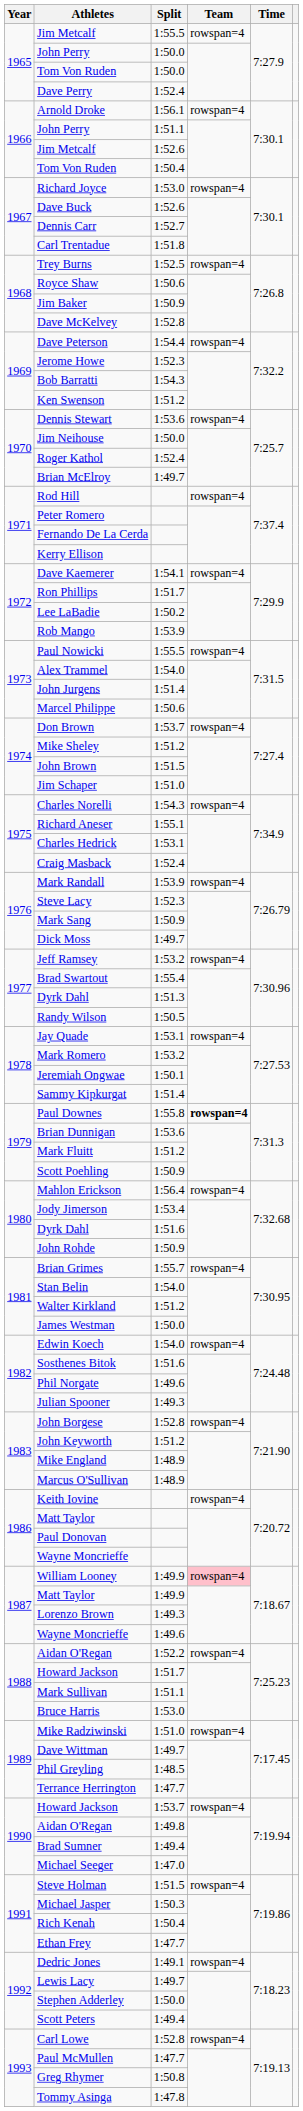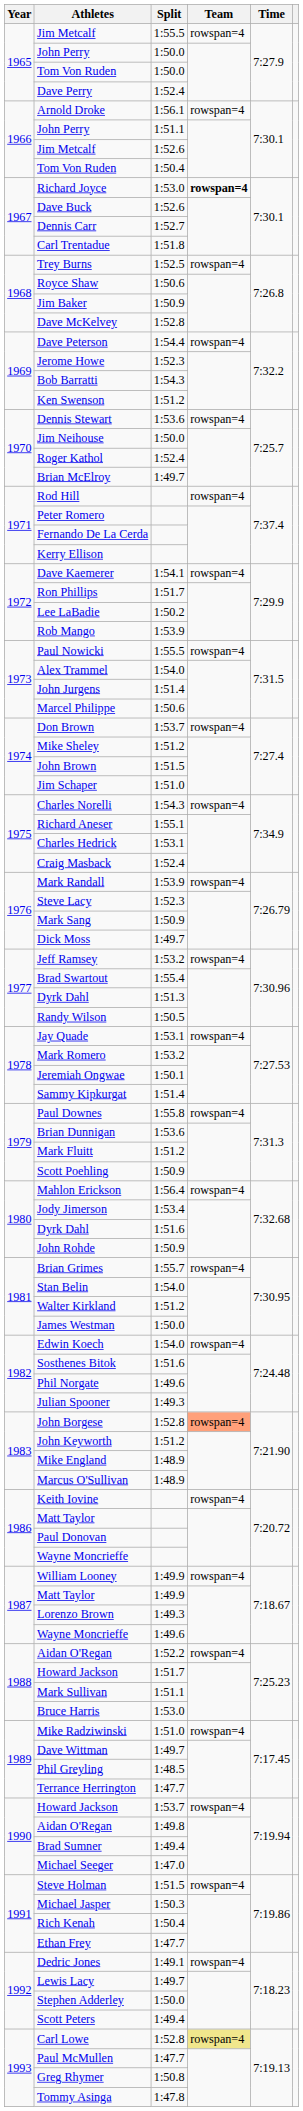 <table class="wikitable sortable">
 <tr>
 <th>Year</th>
 <th>Athletes</th>
 <th>Split</th>
 <th>Team</th>
 <th>Time</th>
 <th class=unsortable></th>
 </tr>
 <tr>
 <td rowspan=4><a href='#'>1965</a></td>
 <td><a href='#'>Jim Metcalf</a></td>
 <td>1:55.5 </td>
 <td>rowspan=4 </td>
 <td rowspan=4>7:27.9 </td>
 <td rowspan=4></td>
 </tr>
 <tr>
 <td><a href='#'>John Perry</a></td>
 <td>1:50.0 </td>
 </tr>
 <tr>
 <td><a href='#'>Tom Von Ruden</a></td>
 <td>1:50.0 </td>
 </tr>
 <tr>
 <td><a href='#'>Dave Perry</a></td>
 <td>1:52.4 </td>
 </tr>
 <tr>
 <td rowspan=4><a href='#'>1966</a></td>
 <td><a href='#'>Arnold Droke</a></td>
 <td>1:56.1 </td>
 <td>rowspan=4 </td>
 <td rowspan=4>7:30.1 </td>
 <td rowspan=4></td>
 </tr>
 <tr>
 <td><a href='#'>John Perry</a></td>
 <td>1:51.1 </td>
 </tr>
 <tr>
 <td><a href='#'>Jim Metcalf</a></td>
 <td>1:52.6 </td>
 </tr>
 <tr>
 <td><a href='#'>Tom Von Ruden</a></td>
 <td>1:50.4 </td>
 </tr>
 <tr>
 <td rowspan=4><a href='#'>1967</a></td>
 <td><a href='#'>Richard Joyce</a></td>
 <td>1:53.0 </td>
-<td>rowspan=4 </td>
+<td><strong>rowspan=4 </strong></td>
 <td rowspan=4>7:30.1 </td>
 <td rowspan=4></td>
 </tr>
 <tr>
 <td><a href='#'>Dave Buck</a></td>
 <td>1:52.6 </td>
 </tr>
 <tr>
 <td><a href='#'>Dennis Carr</a></td>
 <td>1:52.7 </td>
 </tr>
 <tr>
 <td><a href='#'>Carl Trentadue</a></td>
 <td>1:51.8 </td>
 </tr>
 <tr>
 <td rowspan=4><a href='#'>1968</a></td>
 <td><a href='#'>Trey Burns</a></td>
 <td>1:52.5 </td>
 <td>rowspan=4 </td>
 <td rowspan=4>7:26.8 </td>
 <td rowspan=4></td>
 </tr>
 <tr>
 <td><a href='#'>Royce Shaw</a></td>
 <td>1:50.6 </td>
 </tr>
 <tr>
 <td><a href='#'>Jim Baker</a></td>
 <td>1:50.9 </td>
 </tr>
 <tr>
 <td><a href='#'>Dave McKelvey</a></td>
 <td>1:52.8 </td>
 </tr>
 <tr>
 <td rowspan=4><a href='#'>1969</a></td>
 <td><a href='#'>Dave Peterson</a></td>
 <td>1:54.4 </td>
 <td>rowspan=4 </td>
 <td rowspan=4>7:32.2 </td>
 <td rowspan=4></td>
 </tr>
 <tr>
 <td><a href='#'>Jerome Howe</a></td>
 <td>1:52.3 </td>
 </tr>
 <tr>
 <td><a href='#'>Bob Barratti</a></td>
 <td>1:54.3 </td>
 </tr>
 <tr>
 <td><a href='#'>Ken Swenson</a></td>
 <td>1:51.2 </td>
 </tr>
 <tr>
 <td rowspan=4><a href='#'>1970</a></td>
 <td><a href='#'>Dennis Stewart</a></td>
 <td>1:53.6 </td>
 <td>rowspan=4 </td>
 <td rowspan=4>7:25.7 </td>
 <td rowspan=4></td>
 </tr>
 <tr>
 <td><a href='#'>Jim Neihouse</a></td>
 <td>1:50.0 </td>
 </tr>
 <tr>
 <td><a href='#'>Roger Kathol</a></td>
 <td>1:52.4 </td>
 </tr>
 <tr>
 <td><a href='#'>Brian McElroy</a></td>
 <td>1:49.7 </td>
 </tr>
 <tr>
 <td rowspan=4><a href='#'>1971</a></td>
 <td><a href='#'>Rod Hill</a></td>
 <td></td>
 <td>rowspan=4 </td>
 <td rowspan=4>7:37.4 </td>
 <td rowspan=4></td>
 </tr>
 <tr>
 <td><a href='#'>Peter Romero</a></td>
 <td></td>
 </tr>
 <tr>
 <td><a href='#'>Fernando De La Cerda</a></td>
 <td></td>
 </tr>
 <tr>
 <td><a href='#'>Kerry Ellison</a></td>
 <td></td>
 </tr>
 <tr>
 <td rowspan=4><a href='#'>1972</a></td>
 <td><a href='#'>Dave Kaemerer</a></td>
 <td>1:54.1 </td>
 <td>rowspan=4 </td>
 <td rowspan=4>7:29.9 </td>
 <td rowspan=4></td>
 </tr>
 <tr>
 <td><a href='#'>Ron Phillips</a></td>
 <td>1:51.7 </td>
 </tr>
 <tr>
 <td><a href='#'>Lee LaBadie</a></td>
 <td>1:50.2 </td>
 </tr>
 <tr>
 <td><a href='#'>Rob Mango</a></td>
 <td>1:53.9 </td>
 </tr>
 <tr>
 <td rowspan=4><a href='#'>1973</a></td>
 <td><a href='#'>Paul Nowicki</a></td>
 <td>1:55.5 </td>
 <td>rowspan=4 </td>
 <td rowspan=4>7:31.5 </td>
 <td rowspan=4></td>
 </tr>
 <tr>
 <td><a href='#'>Alex Trammel</a></td>
 <td>1:54.0 </td>
 </tr>
 <tr>
 <td><a href='#'>John Jurgens</a></td>
 <td>1:51.4 </td>
 </tr>
 <tr>
 <td><a href='#'>Marcel Philippe</a></td>
 <td>1:50.6 </td>
 </tr>
 <tr>
 <td rowspan=4><a href='#'>1974</a></td>
 <td><a href='#'>Don Brown</a></td>
 <td>1:53.7 </td>
 <td>rowspan=4 </td>
 <td rowspan=4>7:27.4 </td>
 <td rowspan=4></td>
 </tr>
 <tr>
 <td><a href='#'>Mike Sheley</a></td>
 <td>1:51.2 </td>
 </tr>
 <tr>
 <td><a href='#'>John Brown</a></td>
 <td>1:51.5 </td>
 </tr>
 <tr>
 <td><a href='#'>Jim Schaper</a></td>
 <td>1:51.0 </td>
 </tr>
 <tr>
 <td rowspan=4><a href='#'>1975</a></td>
 <td><a href='#'>Charles Norelli</a></td>
 <td>1:54.3 </td>
 <td>rowspan=4 </td>
 <td rowspan=4>7:34.9 </td>
 <td rowspan=4></td>
 </tr>
 <tr>
 <td><a href='#'>Richard Aneser</a></td>
 <td>1:55.1 </td>
 </tr>
 <tr>
 <td><a href='#'>Charles Hedrick</a></td>
 <td>1:53.1 </td>
 </tr>
 <tr>
 <td><a href='#'>Craig Masback</a></td>
 <td>1:52.4 </td>
 </tr>
 <tr>
 <td rowspan=4><a href='#'>1976</a></td>
 <td><a href='#'>Mark Randall</a></td>
 <td>1:53.9 </td>
 <td>rowspan=4 </td>
 <td rowspan=4>7:26.79 </td>
 <td rowspan=4></td>
 </tr>
 <tr>
 <td><a href='#'>Steve Lacy</a></td>
 <td>1:52.3 </td>
 </tr>
 <tr>
 <td><a href='#'>Mark Sang</a></td>
 <td>1:50.9 </td>
 </tr>
 <tr>
 <td><a href='#'>Dick Moss</a></td>
 <td>1:49.7 </td>
 </tr>
 <tr>
 <td rowspan=4><a href='#'>1977</a></td>
 <td><a href='#'>Jeff Ramsey</a></td>
 <td>1:53.2 </td>
 <td>rowspan=4 </td>
 <td rowspan=4>7:30.96 </td>
 <td rowspan=4></td>
 </tr>
 <tr>
 <td><a href='#'>Brad Swartout</a></td>
 <td>1:55.4 </td>
 </tr>
 <tr>
 <td><a href='#'>Dyrk Dahl</a></td>
 <td>1:51.3 </td>
 </tr>
 <tr>
 <td><a href='#'>Randy Wilson</a></td>
 <td>1:50.5 </td>
 </tr>
 <tr>
 <td rowspan=4><a href='#'>1978</a></td>
 <td><a href='#'>Jay Quade</a></td>
 <td>1:53.1 </td>
 <td>rowspan=4 </td>
 <td rowspan=4>7:27.53 </td>
 <td rowspan=4></td>
 </tr>
 <tr>
 <td><a href='#'>Mark Romero</a></td>
 <td>1:53.2 </td>
 </tr>
 <tr>
 <td><a href='#'>Jeremiah Ongwae</a></td>
 <td>1:50.1 </td>
 </tr>
 <tr>
 <td><a href='#'>Sammy Kipkurgat</a></td>
 <td>1:51.4 </td>
 </tr>
 <tr>
 <td rowspan=4><a href='#'>1979</a></td>
 <td><a href='#'>Paul Downes</a></td>
 <td>1:55.8 </td>
-<td><strong>rowspan=4 </strong></td>
+<td>rowspan=4 </td>
 <td rowspan=4>7:31.3 </td>
 <td rowspan=4></td>
 </tr>
 <tr>
 <td><a href='#'>Brian Dunnigan</a></td>
 <td>1:53.6 </td>
 </tr>
 <tr>
 <td><a href='#'>Mark Fluitt</a></td>
 <td>1:51.2 </td>
 </tr>
 <tr>
 <td><a href='#'>Scott Poehling</a></td>
 <td>1:50.9 </td>
 </tr>
 <tr>
 <td rowspan=4><a href='#'>1980</a></td>
 <td><a href='#'>Mahlon Erickson</a></td>
 <td>1:56.4 </td>
 <td>rowspan=4 </td>
 <td rowspan=4>7:32.68 </td>
 <td rowspan=4></td>
 </tr>
 <tr>
 <td><a href='#'>Jody Jimerson</a></td>
 <td>1:53.4 </td>
 </tr>
 <tr>
 <td><a href='#'>Dyrk Dahl</a></td>
 <td>1:51.6 </td>
 </tr>
 <tr>
 <td><a href='#'>John Rohde</a></td>
 <td>1:50.9 </td>
 </tr>
 <tr>
 <td rowspan=4><a href='#'>1981</a></td>
 <td><a href='#'>Brian Grimes</a></td>
 <td>1:55.7 </td>
 <td>rowspan=4 </td>
 <td rowspan=4>7:30.95 </td>
 <td rowspan=4></td>
 </tr>
 <tr>
 <td><a href='#'>Stan Belin</a></td>
 <td>1:54.0 </td>
 </tr>
 <tr>
 <td><a href='#'>Walter Kirkland</a></td>
 <td>1:51.2 </td>
 </tr>
 <tr>
 <td><a href='#'>James Westman</a></td>
 <td>1:50.0 </td>
 </tr>
 <tr>
 <td rowspan=4><a href='#'>1982</a></td>
 <td><a href='#'>Edwin Koech</a></td>
 <td>1:54.0 </td>
 <td>rowspan=4 </td>
 <td rowspan=4>7:24.48 </td>
 <td rowspan=4></td>
 </tr>
 <tr>
 <td><a href='#'>Sosthenes Bitok</a></td>
 <td>1:51.6 </td>
 </tr>
 <tr>
 <td><a href='#'>Phil Norgate</a></td>
 <td>1:49.6 </td>
 </tr>
 <tr>
 <td><a href='#'>Julian Spooner</a></td>
 <td>1:49.3 </td>
 </tr>
 <tr>
 <td rowspan=4><a href='#'>1983</a></td>
 <td><a href='#'>John Borgese</a></td>
 <td>1:52.8 </td>
-<td>rowspan=4 </td>
+<td style="background: lightsalmon;">rowspan=4 </td>
 <td rowspan=4>7:21.90 </td>
 <td rowspan=4></td>
 </tr>
 <tr>
 <td><a href='#'>John Keyworth</a></td>
 <td>1:51.2 </td>
 </tr>
 <tr>
 <td><a href='#'>Mike England</a></td>
 <td>1:48.9 </td>
 </tr>
 <tr>
 <td><a href='#'>Marcus O'Sullivan</a></td>
 <td>1:48.9 </td>
 </tr>
 <tr>
 <td rowspan=4><a href='#'>1986</a></td>
 <td><a href='#'>Keith Iovine</a></td>
 <td></td>
 <td>rowspan=4 </td>
 <td rowspan=4>7:20.72</td>
 <td rowspan=4></td>
 </tr>
 <tr>
 <td><a href='#'>Matt Taylor</a></td>
 <td></td>
 </tr>
 <tr>
 <td><a href='#'>Paul Donovan</a></td>
 <td></td>
 </tr>
 <tr>
 <td><a href='#'>Wayne Moncrieffe</a></td>
 <td></td>
 </tr>
 <tr>
 <td rowspan=4><a href='#'>1987</a></td>
 <td><a href='#'>William Looney</a></td>
 <td>1:49.9</td>
-<td style="background: pink;">rowspan=4 </td>
+<td>rowspan=4 </td>
 <td rowspan=4>7:18.67</td>
 <td rowspan=4></td>
 </tr>
 <tr>
 <td><a href='#'>Matt Taylor</a></td>
 <td>1:49.9</td>
 </tr>
 <tr>
 <td><a href='#'>Lorenzo Brown</a></td>
 <td>1:49.3</td>
 </tr>
 <tr>
 <td><a href='#'>Wayne Moncrieffe</a></td>
 <td>1:49.6</td>
 </tr>
 <tr>
 <td rowspan=4><a href='#'>1988</a></td>
 <td><a href='#'>Aidan O'Regan</a></td>
 <td>1:52.2</td>
 <td>rowspan=4 </td>
 <td rowspan=4>7:25.23</td>
 <td rowspan=4></td>
 </tr>
 <tr>
 <td><a href='#'>Howard Jackson</a></td>
 <td>1:51.7</td>
 </tr>
 <tr>
 <td><a href='#'>Mark Sullivan</a></td>
 <td>1:51.1</td>
 </tr>
 <tr>
 <td><a href='#'>Bruce Harris</a></td>
 <td>1:53.0</td>
 </tr>
 <tr>
 <td rowspan=4><a href='#'>1989</a></td>
 <td><a href='#'>Mike Radziwinski</a></td>
 <td>1:51.0</td>
 <td>rowspan=4 </td>
 <td rowspan=4>7:17.45</td>
 <td rowspan=4></td>
 </tr>
 <tr>
 <td><a href='#'>Dave Wittman</a></td>
 <td>1:49.7</td>
 </tr>
 <tr>
 <td><a href='#'>Phil Greyling</a></td>
 <td>1:48.5</td>
 </tr>
 <tr>
 <td><a href='#'>Terrance Herrington</a></td>
 <td>1:47.7</td>
 </tr>
 <tr>
 <td rowspan=4><a href='#'>1990</a></td>
 <td><a href='#'>Howard Jackson</a></td>
 <td>1:53.7</td>
 <td>rowspan=4 </td>
 <td rowspan=4>7:19.94</td>
 <td rowspan=4><br></td>
 </tr>
 <tr>
 <td><a href='#'>Aidan O'Regan</a></td>
 <td>1:49.8</td>
 </tr>
 <tr>
 <td><a href='#'>Brad Sumner</a></td>
 <td>1:49.4</td>
 </tr>
 <tr>
 <td><a href='#'>Michael Seeger</a></td>
 <td>1:47.0</td>
 </tr>
 <tr>
 <td rowspan=4><a href='#'>1991</a></td>
 <td><a href='#'>Steve Holman</a></td>
 <td>1:51.5</td>
 <td>rowspan=4 </td>
 <td rowspan=4>7:19.86</td>
 <td rowspan=4></td>
 </tr>
 <tr>
 <td><a href='#'>Michael Jasper</a></td>
 <td>1:50.3</td>
 </tr>
 <tr>
 <td><a href='#'>Rich Kenah</a></td>
 <td>1:50.4</td>
 </tr>
 <tr>
 <td><a href='#'>Ethan Frey</a></td>
 <td>1:47.7</td>
 </tr>
 <tr>
 <td rowspan=4><a href='#'>1992</a></td>
 <td><a href='#'>Dedric Jones</a></td>
 <td>1:49.1</td>
 <td>rowspan=4 </td>
 <td rowspan=4>7:18.23</td>
 <td rowspan=4></td>
 </tr>
 <tr>
 <td><a href='#'>Lewis Lacy</a></td>
 <td>1:49.7</td>
 </tr>
 <tr>
 <td><a href='#'>Stephen Adderley</a></td>
 <td>1:50.0</td>
 </tr>
 <tr>
 <td><a href='#'>Scott Peters</a></td>
 <td>1:49.4</td>
 </tr>
 <tr>
 <td rowspan=4><a href='#'>1993</a></td>
 <td><a href='#'>Carl Lowe</a></td>
 <td>1:52.8</td>
-<td>rowspan=4 </td>
+<td style="background: khaki;">rowspan=4 </td>
 <td rowspan=4>7:19.13</td>
 <td rowspan=4></td>
 </tr>
 <tr>
 <td><a href='#'>Paul McMullen</a></td>
 <td>1:47.7</td>
 </tr>
 <tr>
 <td><a href='#'>Greg Rhymer</a></td>
 <td>1:50.8</td>
 </tr>
 <tr>
 <td><a href='#'>Tommy Asinga</a></td>
 <td>1:47.8</td>
 </tr>
 </table>
